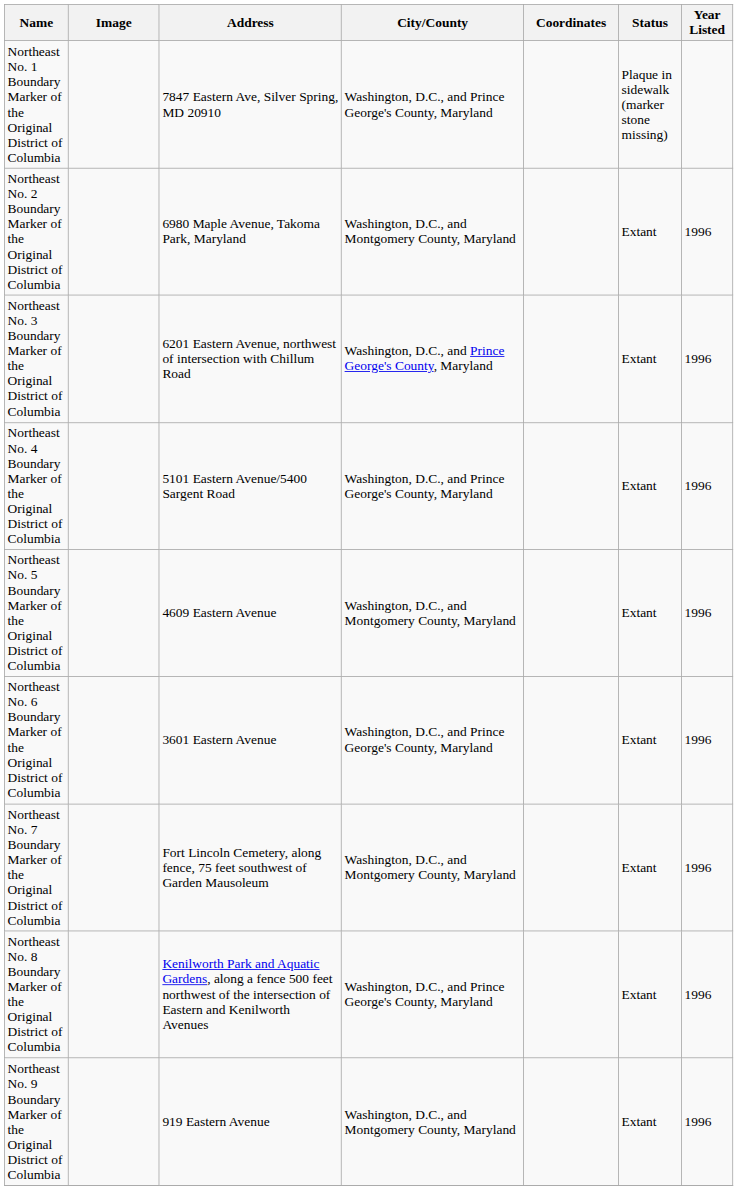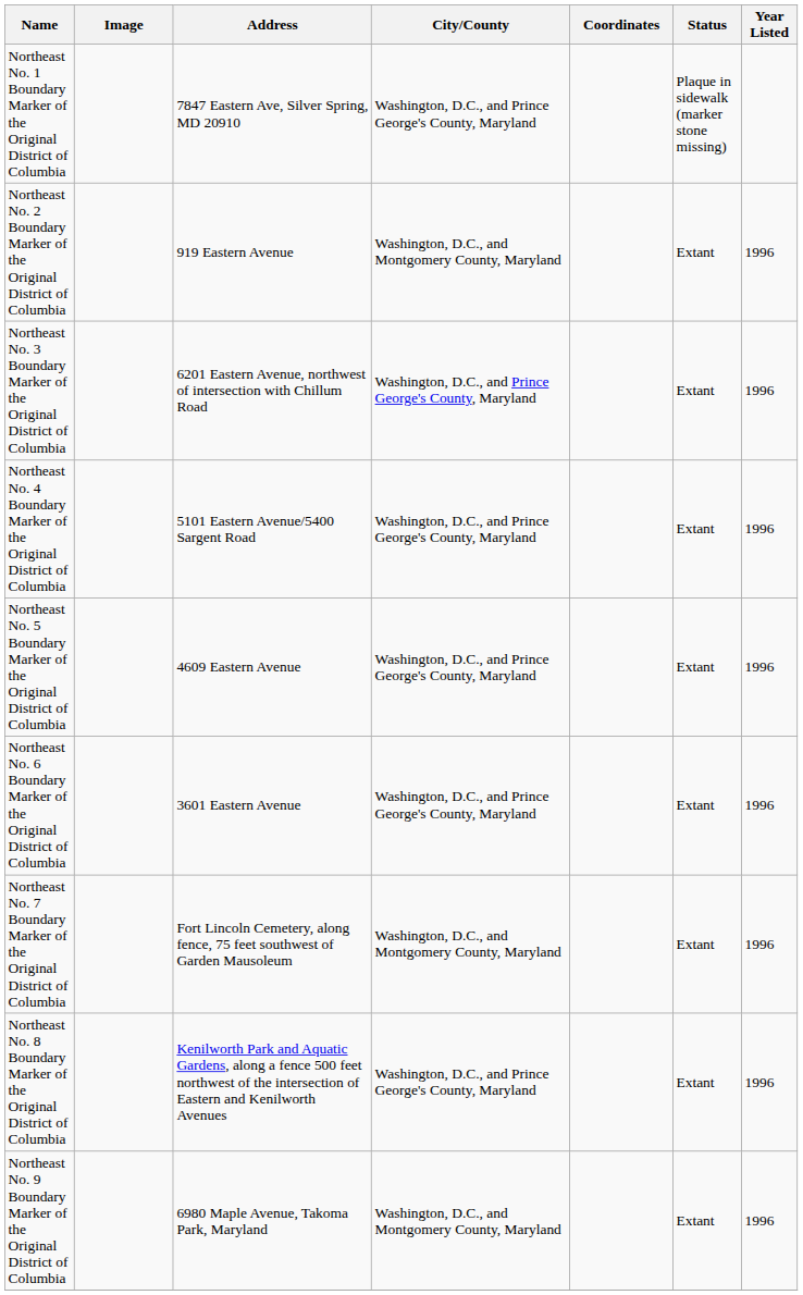 <table class="wikitable" style="width:auto">
 <tr>
 <th style="width:2.5%"><strong>Name</strong></th>
 <th style="width:10%"><strong>Image</strong></th>
 <th style="width:20%"><strong>Address</strong></th>
 <th style="width:20%"><strong>City/County</strong></th>
 <th style="width:10%"><strong>Coordinates</strong></th>
 <th style="width:5%"><strong>Status</strong></th>
 <th style="width:5%"><strong>Year<br>Listed</strong></th>
 </tr>
 <tr>
 <td>Northeast No. 1 Boundary Marker of the Original District of Columbia</td>
 <td><br></td>
 <td>7847 Eastern Ave, Silver Spring, MD 20910</td>
 <td>Washington, D.C., and Prince George's County, Maryland</td>
 <td></td>
 <td>Plaque in sidewalk (marker stone missing)</td>
 <td></td>
 </tr>
 <tr>
 <td>Northeast No. 2 Boundary Marker of the Original District of Columbia</td>
 <td><br></td>
-<td>6980 Maple Avenue, Takoma Park, Maryland</td>
+<td>919 Eastern Avenue</td>
 <td>Washington, D.C., and Montgomery County, Maryland</td>
 <td></td>
 <td>Extant</td>
 <td>1996</td>
 </tr>
 <tr>
 <td>Northeast No. 3 Boundary Marker of the Original District of Columbia</td>
 <td><br></td>
 <td>6201 Eastern Avenue,  northwest of intersection with Chillum Road</td>
 <td>Washington, D.C., and <a href='#'>Prince George's County</a>, Maryland</td>
 <td></td>
 <td>Extant</td>
 <td>1996</td>
 </tr>
 <tr>
 <td>Northeast No. 4 Boundary Marker of the Original District of Columbia</td>
 <td><br></td>
 <td>5101 Eastern Avenue/5400 Sargent Road</td>
 <td>Washington, D.C., and Prince George's County, Maryland</td>
 <td></td>
 <td>Extant</td>
 <td>1996</td>
 </tr>
 <tr>
 <td>Northeast No. 5 Boundary Marker of the Original District of Columbia</td>
 <td><br></td>
 <td>4609 Eastern Avenue</td>
-<td>Washington, D.C., and Montgomery County, Maryland</td>
+<td>Washington, D.C., and Prince George's County, Maryland</td>
 <td></td>
 <td>Extant</td>
 <td>1996</td>
 </tr>
 <tr>
 <td>Northeast No. 6 Boundary Marker of the Original District of Columbia</td>
 <td><br></td>
 <td>3601 Eastern Avenue</td>
 <td>Washington, D.C., and Prince George's County, Maryland</td>
 <td></td>
 <td>Extant</td>
 <td>1996</td>
 </tr>
 <tr>
 <td>Northeast No. 7 Boundary Marker of the Original District of Columbia</td>
 <td><br></td>
 <td>Fort Lincoln Cemetery, along fence, 75 feet southwest of Garden Mausoleum</td>
 <td>Washington, D.C., and Montgomery County, Maryland</td>
 <td></td>
 <td>Extant</td>
 <td>1996</td>
 </tr>
 <tr>
 <td>Northeast No. 8 Boundary Marker of the Original District of Columbia</td>
 <td><br></td>
 <td><a href='#'>Kenilworth Park and Aquatic Gardens</a>, along a fence 500 feet northwest of the intersection of Eastern and Kenilworth Avenues</td>
 <td>Washington, D.C., and Prince George's County, Maryland</td>
 <td></td>
 <td>Extant</td>
 <td>1996</td>
 </tr>
 <tr>
 <td>Northeast No. 9 Boundary Marker of the Original District of Columbia</td>
 <td><br></td>
-<td>919 Eastern Avenue</td>
+<td>6980 Maple Avenue, Takoma Park, Maryland</td>
 <td>Washington, D.C., and Montgomery County, Maryland</td>
 <td></td>
 <td>Extant</td>
 <td>1996</td>
 </tr>
 <tr>
 </tr>
 </table>
